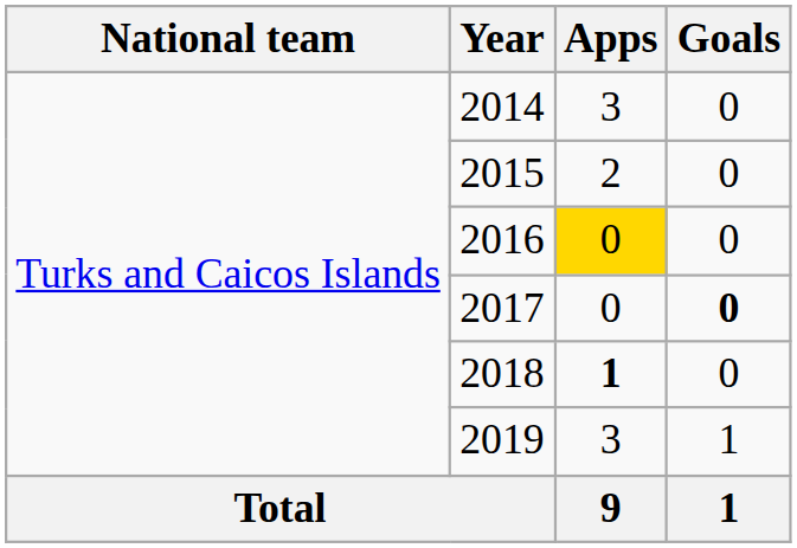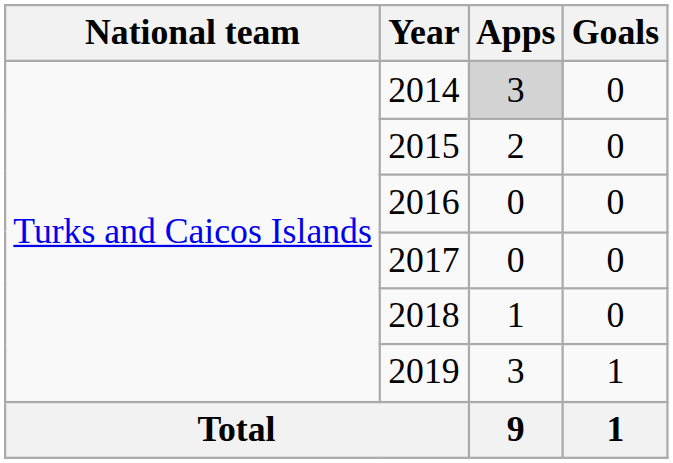 <table class="wikitable" style="text-align:center">
 <tr>
 <th>National team</th>
 <th>Year</th>
 <th>Apps</th>
 <th>Goals</th>
 </tr>
 <tr>
 <td rowspan="6"><a href='#'>Turks and Caicos Islands</a></td>
 <td>2014</td>
-<td>3</td>
+<td style="background: lightgrey;">3</td>
 <td>0</td>
 </tr>
 <tr>
 <td>2015</td>
 <td>2</td>
 <td>0</td>
 </tr>
 <tr>
 <td>2016</td>
-<td style="background: gold;">0</td>
+<td>0</td>
 <td>0</td>
 </tr>
 <tr>
 <td>2017</td>
 <td>0</td>
-<td><strong>0</strong></td>
+<td>0</td>
 </tr>
 <tr>
 <td>2018</td>
-<td><strong>1</strong></td>
+<td>1</td>
 <td>0</td>
 </tr>
 <tr>
 <td>2019</td>
 <td>3</td>
 <td>1</td>
 </tr>
 <tr>
 <th colspan=2>Total</th>
 <th>9</th>
 <th>1</th>
 </tr>
 </table>
